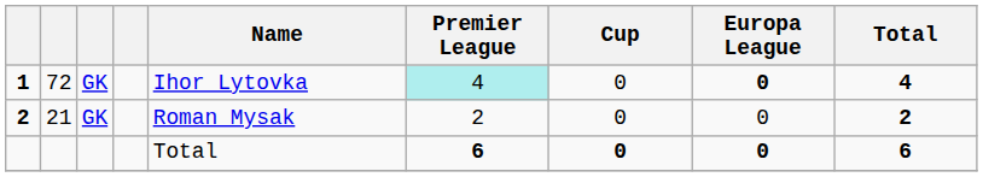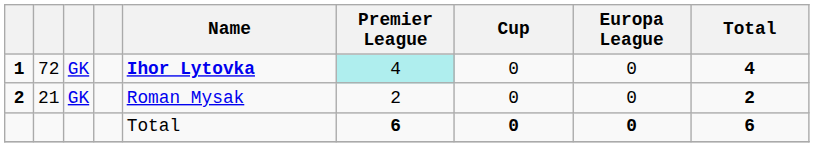 <table class="wikitable" style="text-align:center">
 <tr>
 <th width=15></th>
 <th width=15></th>
 <th width=15></th>
 <th width=15></th>
 <th width=150>Name</th>
 <th width=80><strong>Premier League</strong></th>
 <th width=80><strong>Cup</strong></th>
 <th width=80><strong>Europa League</strong></th>
 <th width=80>Total</th>
 </tr>
 <tr>
 <td><strong>1</strong></td>
 <td>72</td>
 <td><a href='#'>GK</a></td>
 <td></td>
-<td align=left><a href='#'>Ihor Lytovka</a></td>
+<td align=left><strong><a href='#'>Ihor Lytovka</a></strong></td>
 <td style="background: paleturquoise;">4</td>
 <td>0</td>
-<td><strong>0</strong></td>
+<td>0</td>
 <td><strong>4</strong></td>
 </tr>
 <tr>
 <td><strong>2</strong></td>
 <td>21</td>
 <td><a href='#'>GK</a></td>
 <td></td>
 <td align=left><a href='#'>Roman Mysak</a></td>
 <td>2</td>
 <td>0</td>
 <td>0</td>
 <td><strong>2</strong></td>
 </tr>
 <tr>
 <td></td>
 <td></td>
 <td></td>
 <td></td>
 <td align=left>Total</td>
 <td><strong>6</strong></td>
 <td><strong>0</strong></td>
 <td><strong>0</strong></td>
 <td><strong>6</strong></td>
 </tr>
 <tr>
 </tr>
 </table>
